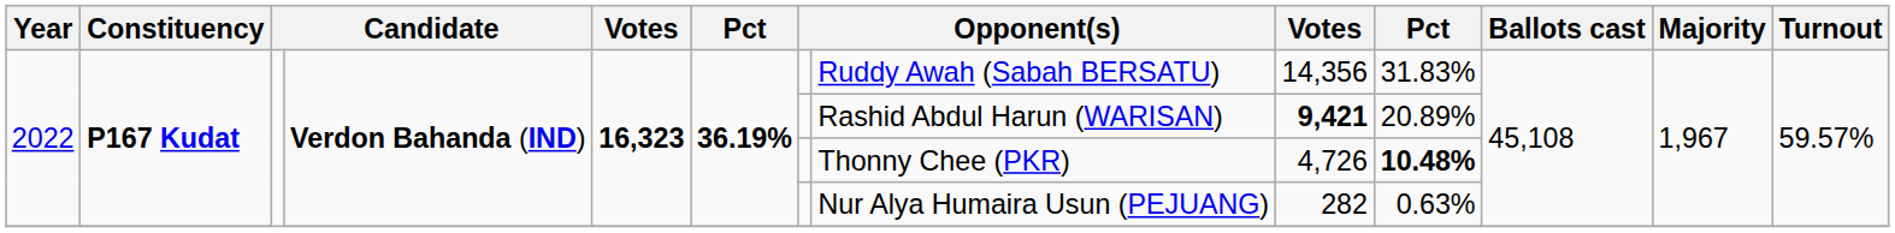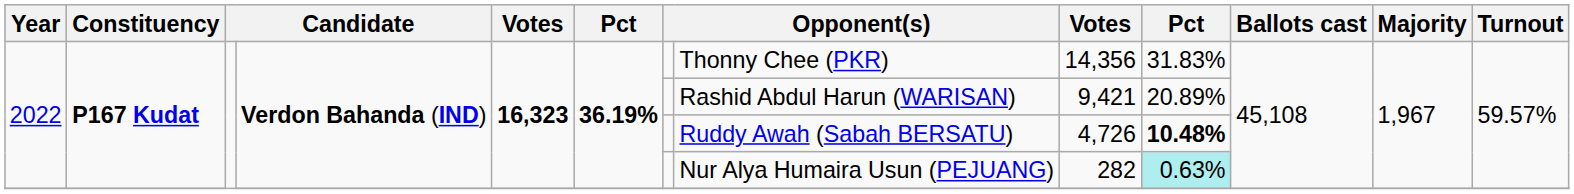 <table class="wikitable" style="margin:0.5em ; font-size:95%">
 <tr>
 <th>Year</th>
 <th>Constituency</th>
 <th colspan="2">Candidate</th>
 <th>Votes</th>
 <th>Pct</th>
 <th colspan="2">Opponent(s)</th>
 <th>Votes</th>
 <th>Pct</th>
 <th>Ballots cast</th>
 <th>Majority</th>
 <th>Turnout</th>
 </tr>
 <tr>
 <td rowspan="4"><a href='#'>2022</a></td>
 <td rowspan="4"><strong>P167 <a href='#'>Kudat</a></strong></td>
 <td rowspan="7" ></td>
 <td rowspan="4"><strong>Verdon Bahanda</strong> (<a href='#'><strong>IND</strong></a>)</td>
 <td rowspan="4" align=right><strong>16,323</strong></td>
 <td rowspan="4"><strong>36.19%</strong></td>
 <td></td>
-<td><a href='#'>Ruddy Awah</a> (<a href='#'>Sabah BERSATU</a>)</td>
+<td>Thonny Chee (<a href='#'>PKR</a>)</td>
 <td align="right">14,356</td>
 <td align="right">31.83%</td>
 <td rowspan="4">45,108</td>
 <td rowspan="4">1,967</td>
 <td rowspan="4">59.57%</td>
 </tr>
 <tr>
 <td></td>
 <td>Rashid Abdul Harun (<a href='#'>WARISAN</a>)</td>
-<td align="right"><strong>9,421</strong></td>
+<td align="right">9,421</td>
 <td align="right">20.89%</td>
 </tr>
 <tr>
 <td></td>
-<td>Thonny Chee (<a href='#'>PKR</a>)</td>
+<td><a href='#'>Ruddy Awah</a> (<a href='#'>Sabah BERSATU</a>)</td>
 <td align="right">4,726</td>
 <td align="right"><strong>10.48%</strong></td>
 </tr>
 <tr>
 <td bgcolor=></td>
 <td>Nur Alya Humaira Usun (<a href='#'>PEJUANG</a>)</td>
 <td align="right">282</td>
-<td align="right">0.63%</td>
+<td align="right" style="background: paleturquoise;">0.63%</td>
 </tr>
 <tr>
 </tr>
 </table>
